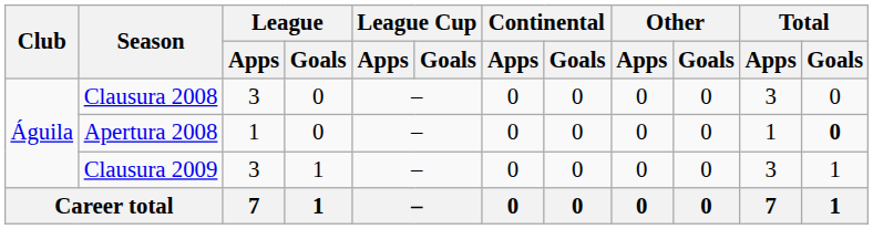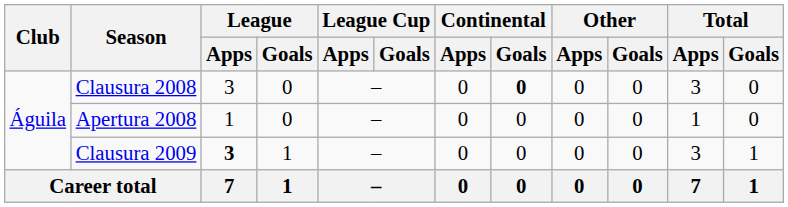 <table class="wikitable" style="text-align: center;">
 <tr>
 <th rowspan="2">Club</th>
 <th rowspan="2">Season</th>
 <th colspan="2">League</th>
 <th colspan="2">League Cup</th>
 <th colspan="2">Continental</th>
 <th colspan="2">Other</th>
 <th colspan="2">Total</th>
 </tr>
 <tr>
 <th>Apps</th>
 <th>Goals</th>
 <th>Apps</th>
 <th>Goals</th>
 <th>Apps</th>
 <th>Goals</th>
 <th>Apps</th>
 <th>Goals</th>
 <th>Apps</th>
 <th>Goals</th>
 </tr>
 <tr>
 <td rowspan="3" valign="center"><a href='#'>Águila</a></td>
 <td><a href='#'>Clausura 2008</a></td>
 <td>3</td>
 <td>0</td>
 <td colspan="2">–</td>
 <td>0</td>
-<td>0</td>
+<td><strong>0</strong></td>
 <td>0</td>
 <td>0</td>
 <td>3</td>
 <td>0</td>
 </tr>
 <tr>
 <td><a href='#'>Apertura 2008</a></td>
 <td>1</td>
 <td>0</td>
 <td colspan="2">–</td>
 <td>0</td>
 <td>0</td>
 <td>0</td>
 <td>0</td>
 <td>1</td>
-<td><strong>0</strong></td>
+<td>0</td>
 </tr>
 <tr>
 <td><a href='#'>Clausura 2009</a></td>
-<td>3</td>
+<td><strong>3</strong></td>
 <td>1</td>
 <td colspan="2">–</td>
 <td>0</td>
 <td>0</td>
 <td>0</td>
 <td>0</td>
 <td>3</td>
 <td>1</td>
 </tr>
 <tr>
 <th colspan="2">Career total</th>
 <th>7</th>
 <th>1</th>
 <th colspan="2">–</th>
 <th>0</th>
 <th>0</th>
 <th>0</th>
 <th>0</th>
 <th>7</th>
 <th>1</th>
 </tr>
 </table>
